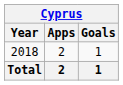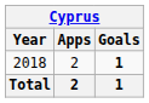 <table class="wikitable" style="text-align:center">
 <tr>
 <th colspan=3><a href='#'>Cyprus</a></th>
 </tr>
 <tr>
 <th>Year</th>
 <th>Apps</th>
 <th>Goals</th>
 </tr>
 <tr>
 <td>2018</td>
 <td>2</td>
-<td>1</td>
+<td><strong>1</strong></td>
 </tr>
 <tr>
 <th>Total</th>
 <th>2</th>
 <th>1</th>
 </tr>
 </table>
